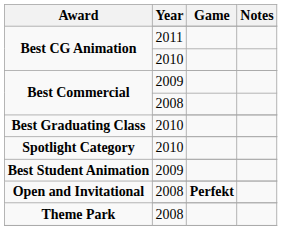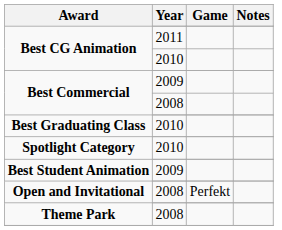 <table class="wikitable">
 <tr>
 <th>Award</th>
 <th>Year</th>
 <th>Game</th>
 <th>Notes</th>
 </tr>
 <tr>
 <td rowspan="3" style="text-align:center"><strong>Best CG Animation</strong></td>
 </tr>
 <tr>
 <td>2011</td>
 <td></td>
 <td></td>
 </tr>
 <tr>
 <td style="text-align:center">2010</td>
 <td></td>
 <td></td>
 </tr>
 <tr>
 <td rowspan="3" style="text-align:center"><strong>Best Commercial</strong></td>
 </tr>
 <tr>
 <td style="text-align:center">2009</td>
 <td></td>
 <td></td>
 </tr>
 <tr>
 <td style="text-align:center">2008</td>
 <td></td>
 <td></td>
 </tr>
 <tr>
 <td rowspan="2" style="text-align:center"><strong>Best Graduating Class</strong></td>
 </tr>
 <tr>
 <td style="text-align:center">2010</td>
 <td></td>
 <td></td>
 </tr>
 <tr>
 <td rowspan="2" style="text-align:center"><strong>Spotlight Category</strong></td>
 </tr>
 <tr>
 <td style="text-align:center">2010</td>
 <td></td>
 <td></td>
 </tr>
 <tr>
 <td rowspan="2" style="text-align:center"><strong>Best Student Animation</strong></td>
 </tr>
 <tr>
 <td style="text-align:center">2009</td>
 <td></td>
 <td></td>
 </tr>
 <tr>
 <td rowspan="2" style="text-align:center"><strong>Open and Invitational</strong></td>
 </tr>
 <tr>
 <td style="text-align:center">2008</td>
-<td><strong>Perfekt</strong></td>
+<td>Perfekt</td>
 <td></td>
 </tr>
 <tr>
 <td rowspan="2" style="text-align:center"><strong>Theme Park</strong></td>
 </tr>
 <tr>
 <td style="text-align:center">2008</td>
 <td></td>
 <td></td>
 </tr>
 <tr>
 </tr>
 </table>
